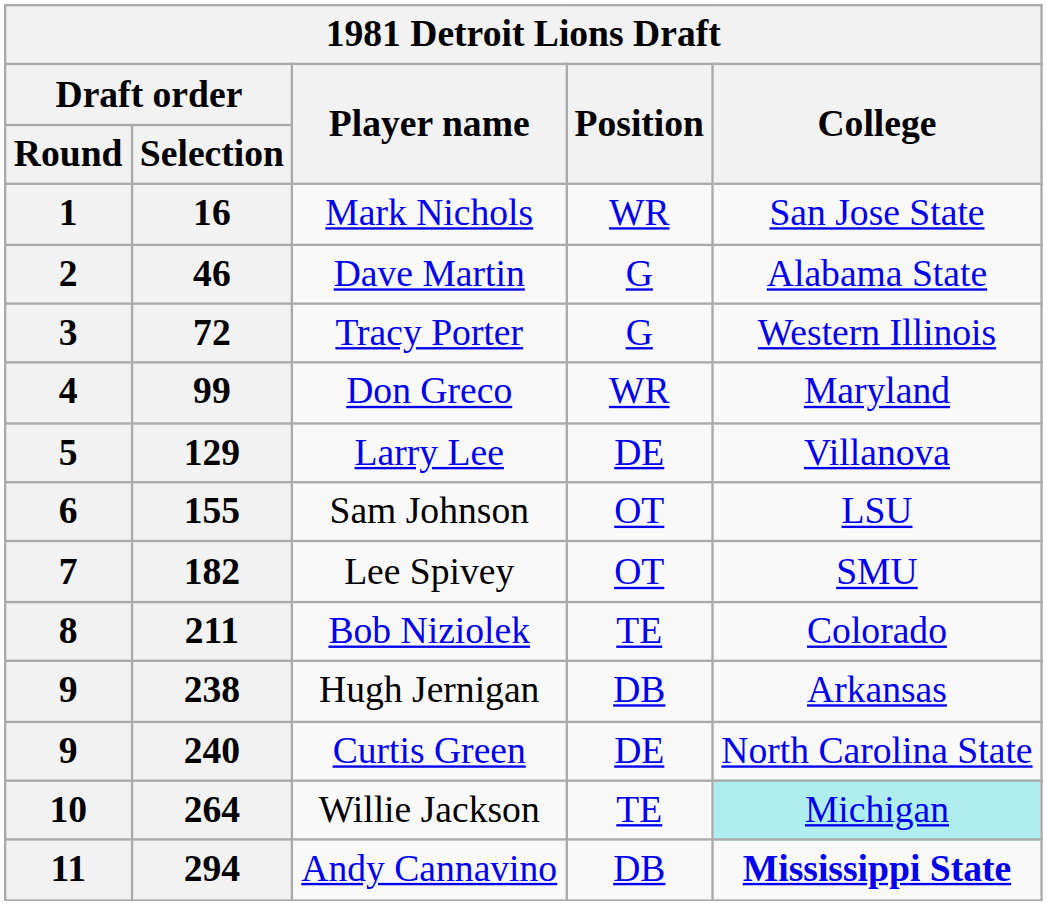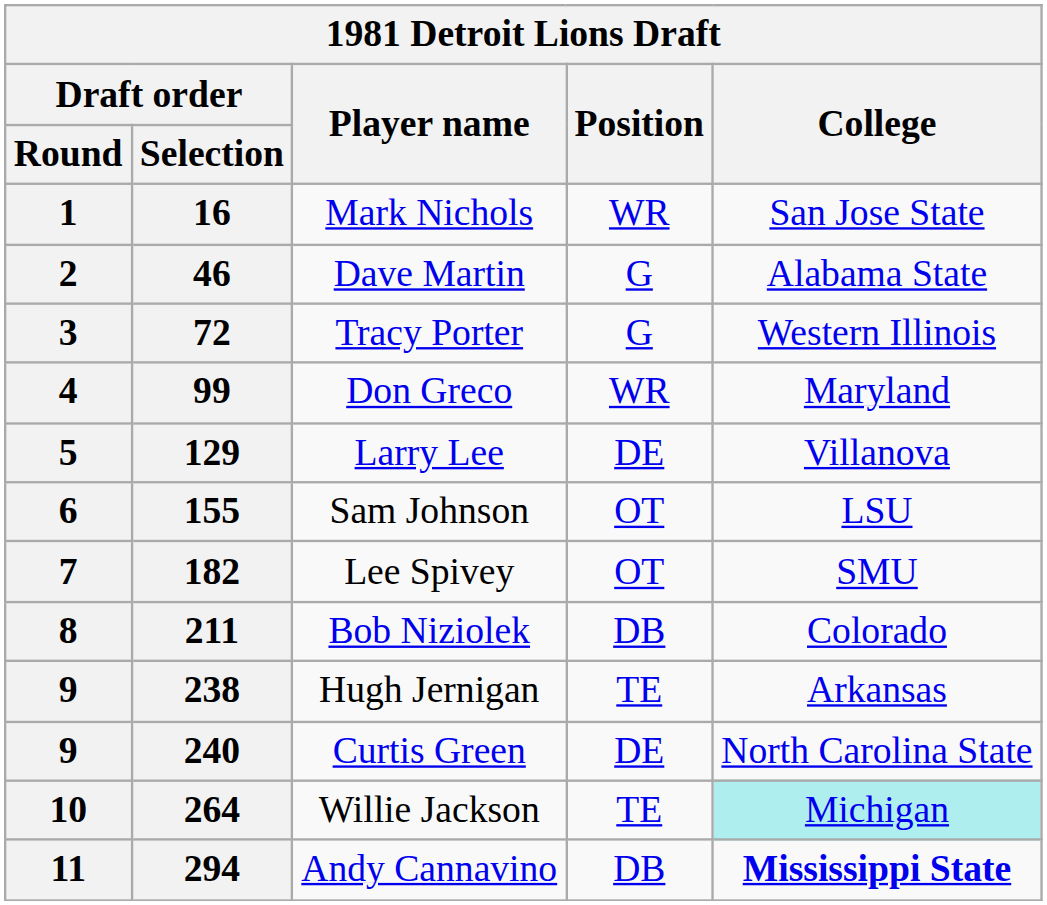 <table class="wikitable" style="text-align:center">
 <tr>
 <th colspan="6">1981 Detroit Lions Draft</th>
 </tr>
 <tr>
 <th colspan="2">Draft order</th>
 <th rowspan="2">Player name</th>
 <th rowspan="2">Position</th>
 <th rowspan="2">College</th>
 </tr>
 <tr>
 <th>Round</th>
 <th>Selection</th>
 </tr>
 <tr>
 <th>1</th>
 <th>16</th>
 <td><a href='#'>Mark Nichols</a></td>
 <td><a href='#'>WR</a></td>
 <td><a href='#'>San Jose State</a></td>
 </tr>
 <tr>
 <th>2</th>
 <th>46</th>
 <td><a href='#'>Dave Martin</a></td>
 <td><a href='#'>G</a></td>
 <td><a href='#'>Alabama State</a></td>
 </tr>
 <tr>
 <th>3</th>
 <th>72</th>
 <td><a href='#'>Tracy Porter</a></td>
 <td><a href='#'>G</a></td>
 <td><a href='#'>Western Illinois</a></td>
 </tr>
 <tr>
 <th>4</th>
 <th>99</th>
 <td><a href='#'>Don Greco</a></td>
 <td><a href='#'>WR</a></td>
 <td><a href='#'>Maryland</a></td>
 </tr>
 <tr>
 <th>5</th>
 <th>129</th>
 <td><a href='#'>Larry Lee</a></td>
 <td><a href='#'>DE</a></td>
 <td><a href='#'>Villanova</a></td>
 </tr>
 <tr>
 <th>6</th>
 <th>155</th>
 <td>Sam Johnson</td>
 <td><a href='#'>OT</a></td>
 <td><a href='#'>LSU</a></td>
 </tr>
 <tr>
 <th>7</th>
 <th>182</th>
 <td>Lee Spivey</td>
 <td><a href='#'>OT</a></td>
 <td><a href='#'>SMU</a></td>
 </tr>
 <tr>
 <th>8</th>
 <th>211</th>
 <td><a href='#'>Bob Niziolek</a></td>
-<td><a href='#'>TE</a></td>
+<td><a href='#'>DB</a></td>
 <td><a href='#'>Colorado</a></td>
 </tr>
 <tr>
 <th>9</th>
 <th>238</th>
 <td>Hugh Jernigan</td>
-<td><a href='#'>DB</a></td>
+<td><a href='#'>TE</a></td>
 <td><a href='#'>Arkansas</a></td>
 </tr>
 <tr>
 <th>9</th>
 <th>240</th>
 <td><a href='#'>Curtis Green</a></td>
 <td><a href='#'>DE</a></td>
 <td><a href='#'>North Carolina State</a></td>
 </tr>
 <tr>
 <th>10</th>
 <th>264</th>
 <td>Willie Jackson</td>
 <td><a href='#'>TE</a></td>
 <td style="background: paleturquoise;"><a href='#'>Michigan</a></td>
 </tr>
 <tr>
 <th>11</th>
 <th>294</th>
 <td><a href='#'>Andy Cannavino</a></td>
 <td><a href='#'>DB</a></td>
 <td><strong><a href='#'>Mississippi State</a></strong></td>
 </tr>
 </table>
